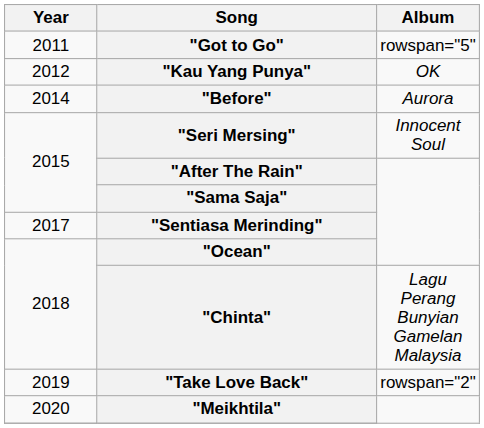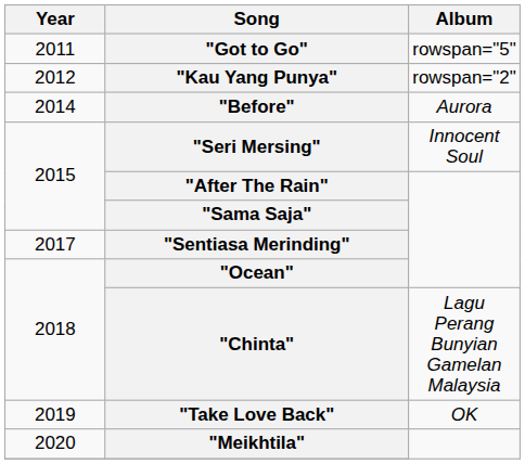 <table class="wikitable plainrowheaders" style="text-align:center;" border="1">
 <tr>
 <th scope="col" style="width:5em;">Year</th>
 <th scope="col" style="width:16em;">Song</th>
 <th scope="col" style="width:5em;">Album</th>
 </tr>
 <tr>
 <td rowspan="1" style="text-align:center;">2011</td>
 <th scope="row">"Got to Go"</th>
 <td>rowspan="5" </td>
 </tr>
 <tr>
 <td rowspan="1" style="text-align:center;">2012</td>
 <th scope="row">"Kau Yang Punya"</th>
-<td><em>OK</em></td>
+<td>rowspan="2" </td>
 </tr>
 <tr>
 <td rowspan="1" style="text-align:center;">2014</td>
 <th scope="row">"Before"</th>
 <td><em>Aurora</em></td>
 </tr>
 <tr>
 <td rowspan="3" style="text-align:center;">2015</td>
 <th scope="row">"Seri Mersing"</th>
 <td><em>Innocent Soul</em></td>
 </tr>
 <tr>
 <th scope="row">"After The Rain"</th>
 </tr>
 <tr>
 <th scope="row">"Sama Saja"</th>
 </tr>
 <tr>
 <td rowspan="1" style="text-align:center;">2017</td>
 <th scope="row">"Sentiasa Merinding"</th>
 </tr>
 <tr>
 <td rowspan="2" style="text-align:center;">2018</td>
 <th scope="row">"Ocean"</th>
 </tr>
 <tr>
 <th scope="row">"Chinta"</th>
 <td><em>Lagu Perang Bunyian Gamelan Malaysia</em></td>
 </tr>
 <tr>
 <td rowspan="1" style="text-align:center;">2019</td>
 <th scope="row">"Take Love Back"</th>
-<td>rowspan="2" </td>
+<td><em>OK</em></td>
 </tr>
 <tr>
 <td rowspan="1" style="text-align:center;">2020</td>
 <th scope="row">"Meikhtila"</th>
 </tr>
 <tr>
 </tr>
 </table>
